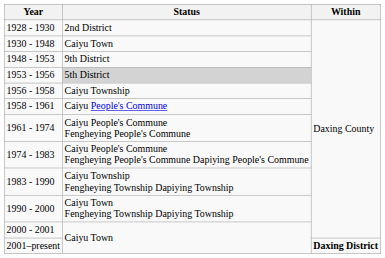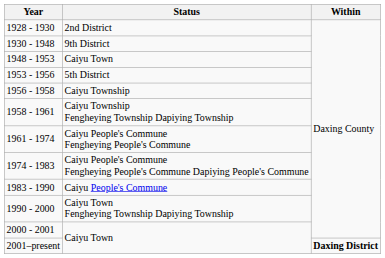 <table class="wikitable">
 <tr>
 <th>Year</th>
 <th>Status</th>
 <th>Within</th>
 </tr>
 <tr>
 <td>1928 - 1930</td>
 <td>2nd District</td>
 <td rowspan="11">Daxing County</td>
 </tr>
 <tr>
 <td>1930 - 1948</td>
+<td>9th District</td>
+</tr>
+<tr>
+<td>1948 - 1953</td>
 <td>Caiyu Town</td>
 </tr>
 <tr>
-<td>1948 - 1953</td>
-<td>9th District</td>
-</tr>
-<tr>
 <td>1953 - 1956</td>
-<td style="background: lightgrey;">5th District</td>
+<td>5th District</td>
 </tr>
 <tr>
 <td>1956 - 1958</td>
 <td>Caiyu Township</td>
 </tr>
 <tr>
 <td>1958 - 1961</td>
-<td>Caiyu <a href='#'>People's Commune</a></td>
+<td>Caiyu Township<br>Fengheying Township Dapiying Township</td>
 </tr>
 <tr>
 <td>1961 - 1974</td>
 <td>Caiyu People's Commune<br>Fengheying People's Commune</td>
 </tr>
 <tr>
 <td>1974 - 1983</td>
 <td>Caiyu People's Commune<br>Fengheying People's Commune Dapiying People's Commune</td>
 </tr>
 <tr>
 <td>1983 - 1990</td>
-<td>Caiyu Township<br>Fengheying Township Dapiying Township</td>
+<td>Caiyu <a href='#'>People's Commune</a></td>
 </tr>
 <tr>
 <td>1990 - 2000</td>
 <td>Caiyu Town<br>Fengheying Township Dapiying Township</td>
 </tr>
 <tr>
 <td>2000 - 2001</td>
 <td rowspan="2">Caiyu Town</td>
 </tr>
 <tr>
 <td>2001–present</td>
 <td><strong>Daxing District</strong></td>
 </tr>
 </table>
